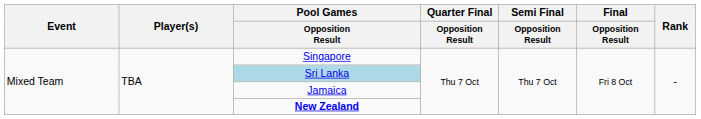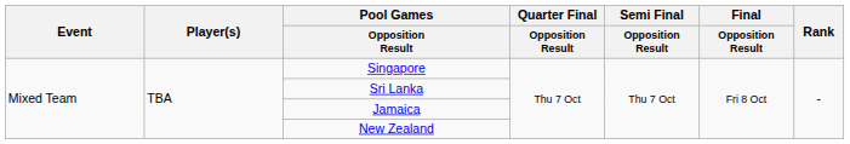 <table class=wikitable style="font-size:90%">
 <tr>
 <th rowspan="2" width=150>Event</th>
 <th rowspan="2" width=150>Player(s)</th>
 <th width=250>Pool Games</th>
 <th width=100>Quarter Final</th>
 <th width=100>Semi Final</th>
 <th width=100>Final</th>
 <th rowspan="2" width=50>Rank</th>
 </tr>
 <tr>
 <th style="line-height:1em"><small>Opposition<br>Result</small></th>
 <th style="line-height:1em"><small>Opposition<br>Result</small></th>
 <th style="line-height:1em"><small>Opposition<br>Result</small></th>
 <th style="line-height:1em"><small>Opposition<br>Result</small></th>
 </tr>
 <tr>
 <td rowspan=4>Mixed Team</td>
 <td rowspan=4>TBA</td>
 <td align="center"> <a href='#'>Singapore</a></td>
 <td rowspan=4 align="center"><small>Thu 7 Oct</small></td>
 <td rowspan=4 align="center"><small>Thu 7 Oct</small></td>
 <td rowspan=4 align="center"><small>Fri 8 Oct</small></td>
 <td rowspan=4 align="center">-</td>
 </tr>
 <tr>
-<td align="center" style="background: lightblue;"> <a href='#'>Sri Lanka</a></td>
+<td align="center"> <a href='#'>Sri Lanka</a></td>
 </tr>
 <tr>
 <td align="center"> <a href='#'>Jamaica</a></td>
 </tr>
 <tr>
-<td align="center"><strong> <a href='#'>New Zealand</a></strong></td>
+<td align="center"> <a href='#'>New Zealand</a></td>
 </tr>
 </table>
